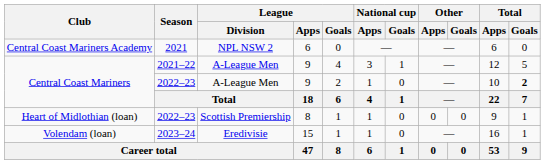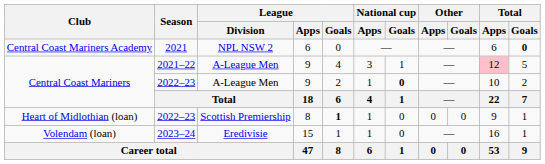 <table class="wikitable" style="text-align:center">
 <tr>
 <th rowspan="2">Club</th>
 <th rowspan="2">Season</th>
 <th colspan="3">League</th>
 <th colspan="2">National cup</th>
 <th colspan="2">Other</th>
 <th colspan="2">Total</th>
 </tr>
 <tr>
 <th>Division</th>
 <th>Apps</th>
 <th>Goals</th>
 <th>Apps</th>
 <th>Goals</th>
 <th>Apps</th>
 <th>Goals</th>
 <th>Apps</th>
 <th>Goals</th>
 </tr>
 <tr>
 <td><a href='#'>Central Coast Mariners Academy</a></td>
 <td><a href='#'>2021</a></td>
 <td><a href='#'>NPL NSW 2</a></td>
 <td>6</td>
 <td>0</td>
 <td colspan="2">—</td>
 <td colspan="2">—</td>
 <td>6</td>
-<td>0</td>
+<td><strong>0</strong></td>
 </tr>
 <tr>
 <td rowspan="3"><a href='#'>Central Coast Mariners</a></td>
 <td><a href='#'>2021–22</a></td>
 <td><a href='#'>A-League Men</a></td>
 <td>9</td>
 <td>4</td>
 <td>3</td>
 <td>1</td>
 <td colspan="2">—</td>
-<td>12</td>
+<td style="background: pink;">12</td>
 <td>5</td>
 </tr>
 <tr>
 <td><a href='#'>2022–23</a></td>
 <td>A-League Men</td>
 <td>9</td>
 <td>2</td>
 <td>1</td>
-<td>0</td>
+<td><strong>0</strong></td>
 <td colspan="2">—</td>
 <td>10</td>
-<td><strong>2</strong></td>
+<td>2</td>
 </tr>
 <tr>
 <th colspan="2">Total</th>
 <th>18</th>
 <th>6</th>
 <th>4</th>
 <th>1</th>
 <th colspan="2">—</th>
 <th>22</th>
 <th>7</th>
 </tr>
 <tr>
 <td><a href='#'>Heart of Midlothian</a> (loan)</td>
 <td><a href='#'>2022–23</a></td>
 <td><a href='#'>Scottish Premiership</a></td>
 <td>8</td>
-<td>1</td>
+<td><strong>1</strong></td>
 <td>1</td>
 <td>0</td>
 <td>0</td>
 <td>0</td>
 <td>9</td>
 <td>1</td>
 </tr>
 <tr>
 <td><a href='#'>Volendam</a> (loan)</td>
 <td><a href='#'>2023–24</a></td>
 <td><a href='#'>Eredivisie</a></td>
 <td>15</td>
 <td>1</td>
 <td>1</td>
 <td>0</td>
 <td colspan="2">—</td>
 <td>16</td>
 <td>1</td>
 </tr>
 <tr>
 <th colspan="3">Career total</th>
 <th>47</th>
 <th>8</th>
 <th>6</th>
 <th>1</th>
 <th>0</th>
 <th>0</th>
 <th>53</th>
 <th>9</th>
 </tr>
 </table>
